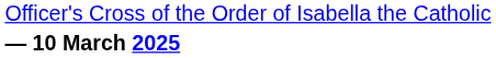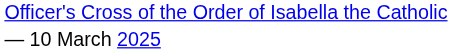 <table>
 <tr>
 <td rowspan=2 style="width:60px; vertical-align:top;"></td>
 <td><a href='#'>Officer's Cross of the Order of Isabella the Catholic </a></td>
 </tr>
 <tr>
-<td><strong>— 10 March <a href='#'>2025</a></strong></td>
+<td>— 10 March <a href='#'>2025</a></td>
 </tr>
 </table>
